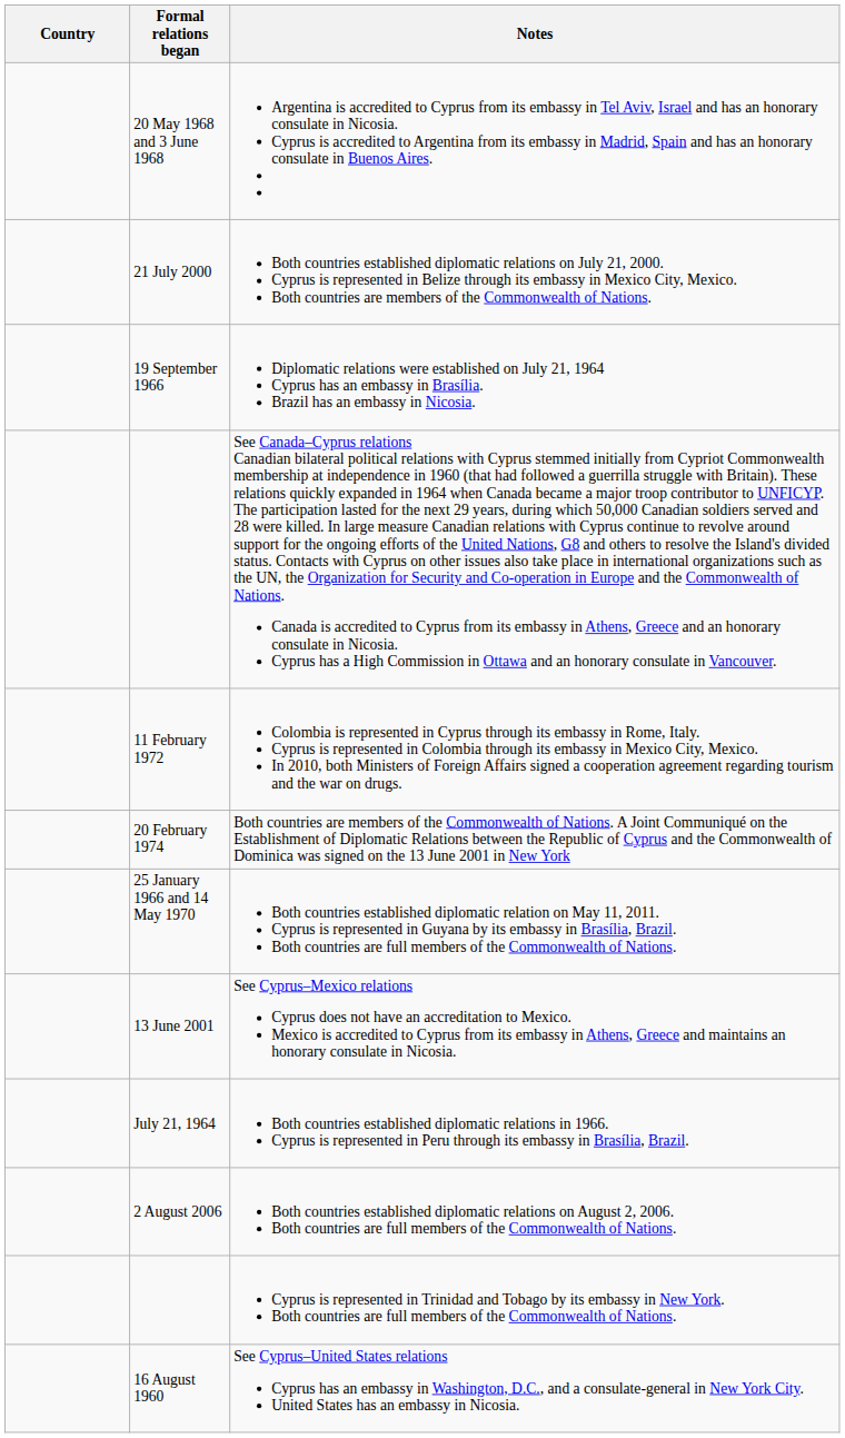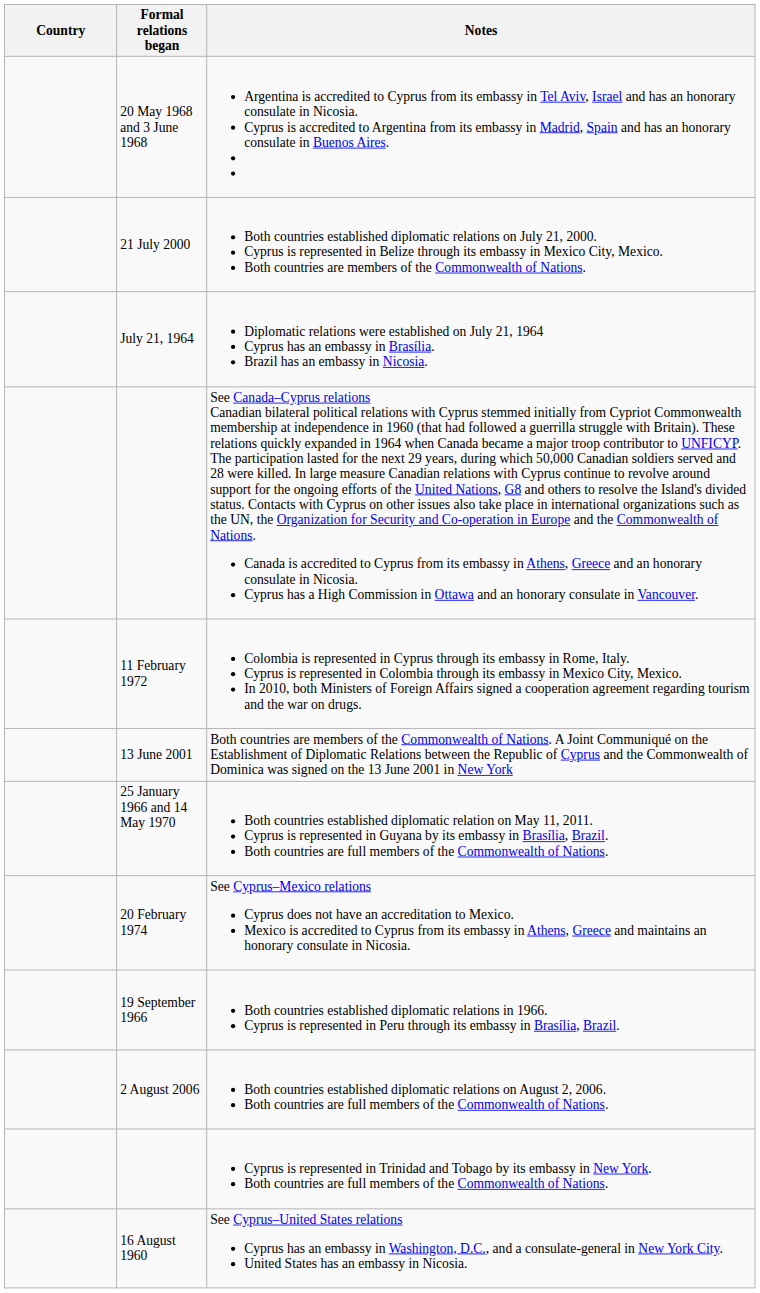 <table class="wikitable sortable" border="1" style="width:100%; margin:auto;">
 <tr>
 <th width="15%">Country</th>
 <th width="12%">Formal relations began</th>
 <th>Notes</th>
 </tr>
 <tr -valign="top">
 <td></td>
 <td>20 May 1968 and 3 June 1968</td>
 <td><br><ul><li>Argentina is accredited to Cyprus from its embassy in <a href='#'>Tel Aviv</a>, <a href='#'>Israel</a> and has an honorary consulate in Nicosia.</li><li>Cyprus is accredited to Argentina from its embassy in <a href='#'>Madrid</a>, <a href='#'>Spain</a> and has an honorary consulate in <a href='#'>Buenos Aires</a>.</li><li></li><li></li></ul></td>
 </tr>
 <tr -valign="top">
 <td></td>
 <td>21 July 2000</td>
 <td><br><ul><li>Both countries established diplomatic relations on July 21, 2000.</li><li>Cyprus is represented in Belize through its embassy in Mexico City, Mexico.</li><li>Both countries are members of the <a href='#'>Commonwealth of Nations</a>.</li></ul></td>
 </tr>
 <tr -valign="top">
 <td></td>
-<td>19 September 1966</td>
+<td> July 21, 1964</td>
 <td><br><ul><li>Diplomatic relations were established on July 21, 1964</li><li>Cyprus has an embassy in <a href='#'>Brasília</a>.</li><li>Brazil has an embassy in <a href='#'>Nicosia</a>.</li></ul></td>
 </tr>
 <tr -valign="top">
 <td></td>
 <td></td>
 <td>See <a href='#'>Canada–Cyprus relations</a><br>Canadian bilateral political relations with Cyprus stemmed initially from Cypriot Commonwealth membership at independence in 1960 (that had followed a guerrilla struggle with Britain). These relations quickly expanded in 1964 when Canada became a major troop contributor to <a href='#'>UNFICYP</a>. The participation lasted for the next 29 years, during which 50,000 Canadian soldiers served and 28 were killed. In large measure Canadian relations with Cyprus continue to revolve around support for the ongoing efforts of the <a href='#'>United Nations</a>, <a href='#'>G8</a> and others to resolve the Island's divided status. Contacts with Cyprus on other issues also take place in international organizations such as the UN, the <a href='#'>Organization for Security and Co-operation in Europe</a> and the <a href='#'>Commonwealth of Nations</a>.<ul><li>Canada is accredited to Cyprus from its embassy in <a href='#'>Athens</a>, <a href='#'>Greece</a> and an honorary consulate in Nicosia.</li><li>Cyprus has a High Commission in <a href='#'>Ottawa</a> and an honorary consulate in <a href='#'>Vancouver</a>.</li></ul></td>
 </tr>
 <tr -valign="top">
 <td></td>
 <td>11 February 1972</td>
 <td><br><ul><li>Colombia is represented in Cyprus through its embassy in Rome, Italy.</li><li>Cyprus is represented in Colombia through its embassy in Mexico City, Mexico.</li><li>In 2010, both Ministers of Foreign Affairs signed a cooperation agreement regarding tourism and the war on drugs.</li></ul></td>
 </tr>
 <tr -valign="top">
 <td></td>
-<td>20 February 1974</td>
+<td>13 June 2001</td>
 <td>Both countries are members of the <a href='#'>Commonwealth of Nations</a>. A Joint Communiqué on the Establishment of Diplomatic Relations between the Republic of <a href='#'>Cyprus</a> and the Commonwealth of Dominica was signed on the 13 June 2001 in <a href='#'>New York</a></td>
 </tr>
 <tr valign="top">
 <td></td>
 <td>25 January 1966 and 14 May 1970</td>
 <td><br><ul><li>Both countries established diplomatic relation on May 11, 2011.</li><li>Cyprus is represented in Guyana by its embassy in <a href='#'>Brasília</a>, <a href='#'>Brazil</a>.</li><li>Both countries are full members of the <a href='#'>Commonwealth of Nations</a>.</li></ul></td>
 </tr>
 <tr -valign="top">
 <td></td>
-<td>13 June 2001</td>
+<td>20 February 1974</td>
 <td>See <a href='#'>Cyprus–Mexico relations</a><br><ul><li>Cyprus does not have an accreditation to Mexico.</li><li>Mexico is accredited to Cyprus from its embassy in <a href='#'>Athens</a>, <a href='#'>Greece</a> and maintains an honorary consulate in Nicosia.</li></ul></td>
 </tr>
 <tr -valign="top">
 <td></td>
-<td> July 21, 1964</td>
+<td>19 September 1966</td>
 <td><br><ul><li>Both countries established diplomatic relations in 1966.</li><li>Cyprus is represented in Peru through its embassy in <a href='#'>Brasília</a>, <a href='#'>Brazil</a>.</li></ul></td>
 </tr>
 <tr -valign="top">
 <td></td>
 <td>2 August 2006</td>
 <td><br><ul><li>Both countries established diplomatic relations on August 2, 2006.</li><li>Both countries are full members of the <a href='#'>Commonwealth of Nations</a>.</li></ul></td>
 </tr>
 <tr -valign="top">
 <td></td>
 <td></td>
 <td><br><ul><li>Cyprus is represented in Trinidad and Tobago by its embassy in <a href='#'>New York</a>.</li><li>Both countries are full members of the <a href='#'>Commonwealth of Nations</a>.</li></ul></td>
 </tr>
 <tr -valign="top">
 <td></td>
 <td>16 August 1960</td>
 <td>See <a href='#'>Cyprus–United States relations</a><br><ul><li>Cyprus has an embassy in <a href='#'>Washington, D.C.</a>, and a consulate-general in <a href='#'>New York City</a>.</li><li>United States has an embassy in Nicosia.</li></ul></td>
 </tr>
 </table>
